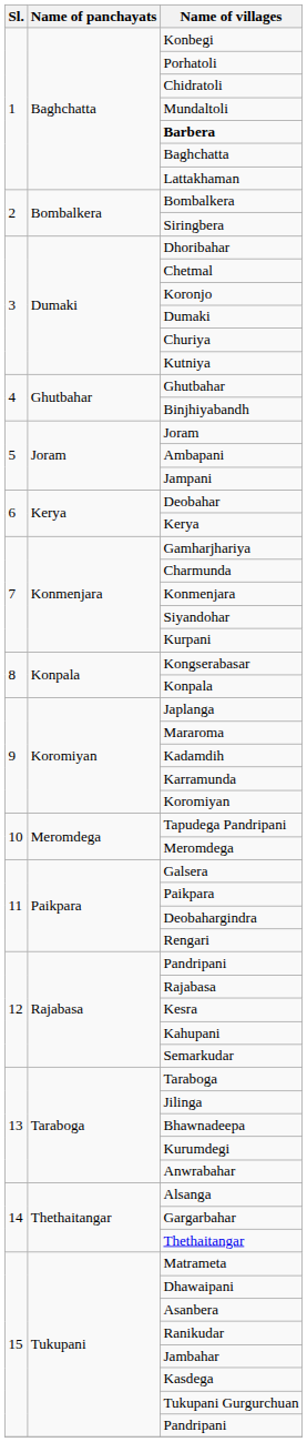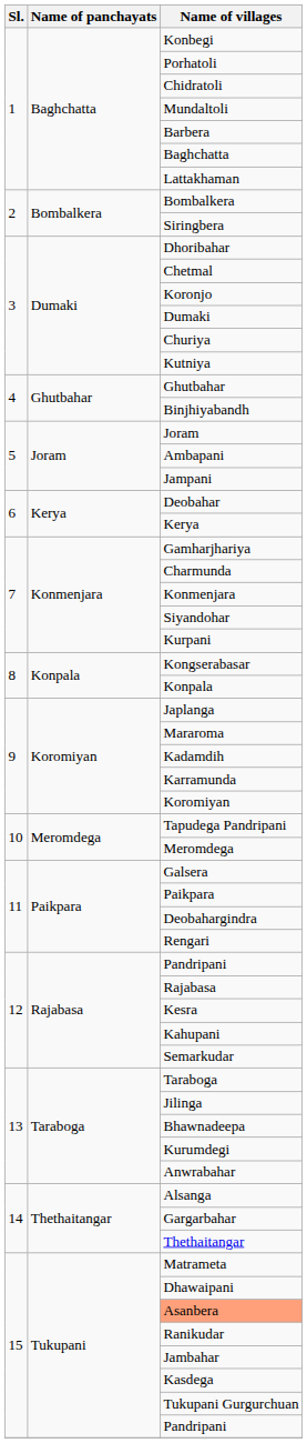 <table class="wikitable plainrowheaders sortable">
 <tr>
 <th scope="col">Sl.</th>
 <th scope="col">Name of panchayats</th>
 <th scope="col">Name of villages</th>
 </tr>
 <tr>
 <td rowspan="7">1</td>
 <td rowspan="7">Baghchatta</td>
 <td>Konbegi</td>
 </tr>
 <tr>
 <td>Porhatoli</td>
 </tr>
 <tr>
 <td>Chidratoli</td>
 </tr>
 <tr>
 <td>Mundaltoli</td>
 </tr>
 <tr>
-<td><strong>Barbera</strong></td>
+<td>Barbera</td>
 </tr>
 <tr>
 <td>Baghchatta</td>
 </tr>
 <tr>
 <td>Lattakhaman</td>
 </tr>
 <tr>
 <td rowspan="2">2</td>
 <td rowspan="2">Bombalkera</td>
 <td>Bombalkera</td>
 </tr>
 <tr>
 <td>Siringbera</td>
 </tr>
 <tr>
 <td rowspan="6">3</td>
 <td rowspan="6">Dumaki</td>
 <td>Dhoribahar</td>
 </tr>
 <tr>
 <td>Chetmal</td>
 </tr>
 <tr>
 <td>Koronjo</td>
 </tr>
 <tr>
 <td>Dumaki</td>
 </tr>
 <tr>
 <td>Churiya</td>
 </tr>
 <tr>
 <td>Kutniya</td>
 </tr>
 <tr>
 <td rowspan="2">4</td>
 <td rowspan="2">Ghutbahar</td>
 <td>Ghutbahar</td>
 </tr>
 <tr>
 <td>Binjhiyabandh</td>
 </tr>
 <tr>
 <td rowspan="3">5</td>
 <td rowspan="3">Joram</td>
 <td>Joram</td>
 </tr>
 <tr>
 <td>Ambapani</td>
 </tr>
 <tr>
 <td>Jampani</td>
 </tr>
 <tr>
 <td rowspan="2">6</td>
 <td rowspan="2">Kerya</td>
 <td>Deobahar</td>
 </tr>
 <tr>
 <td>Kerya</td>
 </tr>
 <tr>
 <td rowspan="5">7</td>
 <td rowspan="5">Konmenjara</td>
 <td>Gamharjhariya</td>
 </tr>
 <tr>
 <td>Charmunda</td>
 </tr>
 <tr>
 <td>Konmenjara</td>
 </tr>
 <tr>
 <td>Siyandohar</td>
 </tr>
 <tr>
 <td>Kurpani</td>
 </tr>
 <tr>
 <td rowspan="2">8</td>
 <td rowspan="2">Konpala</td>
 <td>Kongserabasar</td>
 </tr>
 <tr>
 <td>Konpala</td>
 </tr>
 <tr>
 <td rowspan="5">9</td>
 <td rowspan="5">Koromiyan</td>
 <td>Japlanga</td>
 </tr>
 <tr>
 <td>Mararoma</td>
 </tr>
 <tr>
 <td>Kadamdih</td>
 </tr>
 <tr>
 <td>Karramunda</td>
 </tr>
 <tr>
 <td>Koromiyan</td>
 </tr>
 <tr>
 <td rowspan="2">10</td>
 <td rowspan="2">Meromdega</td>
 <td>Tapudega Pandripani</td>
 </tr>
 <tr>
 <td>Meromdega</td>
 </tr>
 <tr>
 <td rowspan="4">11</td>
 <td rowspan="4">Paikpara</td>
 <td>Galsera</td>
 </tr>
 <tr>
 <td>Paikpara</td>
 </tr>
 <tr>
 <td>Deobahargindra</td>
 </tr>
 <tr>
 <td>Rengari</td>
 </tr>
 <tr>
 <td rowspan="5">12</td>
 <td rowspan="5">Rajabasa</td>
 <td>Pandripani</td>
 </tr>
 <tr>
 <td>Rajabasa</td>
 </tr>
 <tr>
 <td>Kesra</td>
 </tr>
 <tr>
 <td>Kahupani</td>
 </tr>
 <tr>
 <td>Semarkudar</td>
 </tr>
 <tr>
 <td rowspan="5">13</td>
 <td rowspan="5">Taraboga</td>
 <td>Taraboga</td>
 </tr>
 <tr>
 <td>Jilinga</td>
 </tr>
 <tr>
 <td>Bhawnadeepa</td>
 </tr>
 <tr>
 <td>Kurumdegi</td>
 </tr>
 <tr>
 <td>Anwrabahar</td>
 </tr>
 <tr>
 <td rowspan="3">14</td>
 <td rowspan="3">Thethaitangar</td>
 <td>Alsanga</td>
 </tr>
 <tr>
 <td>Gargarbahar</td>
 </tr>
 <tr>
 <td><a href='#'>Thethaitangar</a></td>
 </tr>
 <tr>
 <td rowspan="8">15</td>
 <td rowspan="8">Tukupani</td>
 <td>Matrameta</td>
 </tr>
 <tr>
 <td>Dhawaipani</td>
 </tr>
 <tr>
-<td>Asanbera</td>
+<td style="background: lightsalmon;">Asanbera</td>
 </tr>
 <tr>
 <td>Ranikudar</td>
 </tr>
 <tr>
 <td>Jambahar</td>
 </tr>
 <tr>
 <td>Kasdega</td>
 </tr>
 <tr>
 <td>Tukupani Gurgurchuan</td>
 </tr>
 <tr>
 <td>Pandripani</td>
 </tr>
 <tr>
 </tr>
 </table>
